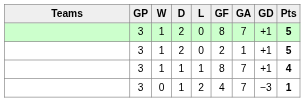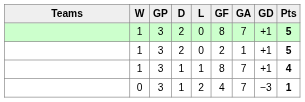 <table style=border-collapse:collapse border=1 cellspacing=0 cellpadding=5>
 <tr align=center bgcolor=#efefef>
 <th width=185>Teams</th>
+<th width=20>W</th>
 <th width=20>GP</th>
-<th width=20>W</th>
 <th width=20>D</th>
 <th width=20>L</th>
 <th width=20>GF</th>
 <th width=20>GA</th>
 <th width=20>GD</th>
 <th width=20>Pts<br></th>
 </tr>
 <tr align=center bgcolor="ccffcc">
 <td style="text-align:left;"><strong></strong></td>
+<td>1</td>
 <td>3</td>
-<td>1</td>
 <td>2</td>
 <td>0</td>
 <td>8</td>
 <td>7</td>
 <td>+1</td>
 <td><strong>5</strong></td>
 </tr>
 <tr align=center>
 <td style="text-align:left;"></td>
+<td>1</td>
 <td>3</td>
-<td>1</td>
 <td>2</td>
 <td>0</td>
 <td>2</td>
 <td>1</td>
 <td>+1</td>
 <td><strong>5</strong></td>
 </tr>
 <tr align=center>
 <td style="text-align:left;"></td>
+<td>1</td>
 <td>3</td>
-<td>1</td>
 <td>1</td>
 <td>1</td>
 <td>8</td>
 <td>7</td>
 <td>+1</td>
 <td><strong>4</strong></td>
 </tr>
 <tr align=center>
 <td style="text-align:left;"></td>
+<td>0</td>
 <td>3</td>
-<td>0</td>
 <td>1</td>
 <td>2</td>
 <td>4</td>
 <td>7</td>
 <td>−3</td>
 <td><strong>1</strong></td>
 </tr>
 </table>
